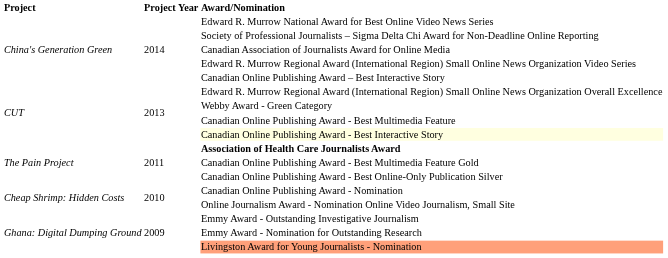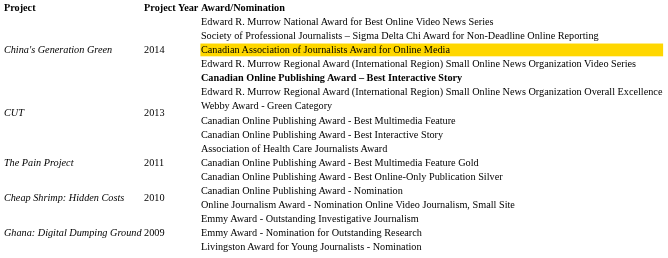 <table>
 <tr>
 <td><strong>Project</strong></td>
 <td><strong>Project Year</strong></td>
 <td><strong>Award/Nomination</strong></td>
 </tr>
 <tr>
 <td rowspan="5"><em>China's Generation Green</em></td>
 <td rowspan="5">2014</td>
 <td>Edward R. Murrow National Award for Best Online Video News Series</td>
 </tr>
 <tr>
 <td>Society of Professional Journalists – Sigma Delta Chi Award for Non-Deadline Online Reporting</td>
 </tr>
 <tr>
-<td>Canadian Association of Journalists Award for Online Media</td>
+<td style="background: gold;">Canadian Association of Journalists Award for Online Media</td>
 </tr>
 <tr>
 <td>Edward R. Murrow Regional Award (International Region) Small Online News Organization Video Series</td>
 </tr>
 <tr>
-<td>Canadian Online Publishing Award – Best Interactive Story</td>
+<td><strong>Canadian Online Publishing Award – Best Interactive Story</strong></td>
 </tr>
 <tr>
 <td rowspan="4"><em>CUT</em></td>
 <td rowspan="4">2013</td>
 <td>Edward R. Murrow Regional Award (International Region) Small Online News Organization Overall Excellence</td>
 </tr>
 <tr>
 <td>Webby Award - Green Category</td>
 </tr>
 <tr>
 <td>Canadian Online Publishing Award - Best Multimedia Feature</td>
 </tr>
 <tr>
-<td style="background: lightyellow;">Canadian Online Publishing Award - Best Interactive Story</td>
+<td>Canadian Online Publishing Award - Best Interactive Story</td>
 </tr>
 <tr>
 <td rowspan="3"><em>The Pain Project</em></td>
 <td rowspan="3">2011</td>
-<td><strong>Association of Health Care Journalists Award</strong></td>
+<td>Association of Health Care Journalists Award</td>
 </tr>
 <tr>
 <td>Canadian Online Publishing Award - Best Multimedia Feature Gold</td>
 </tr>
 <tr>
 <td>Canadian Online Publishing Award - Best Online-Only Publication Silver</td>
 </tr>
 <tr>
 <td rowspan="2"><em>Cheap Shrimp: Hidden Costs</em></td>
 <td rowspan="2">2010</td>
 <td>Canadian Online Publishing Award - Nomination</td>
 </tr>
 <tr>
 <td>Online Journalism Award - Nomination Online Video Journalism, Small Site</td>
 </tr>
 <tr>
 <td rowspan="3"><em>Ghana: Digital Dumping Ground</em></td>
 <td rowspan="3">2009</td>
 <td>Emmy Award - Outstanding Investigative Journalism</td>
 </tr>
 <tr>
 <td>Emmy Award - Nomination for Outstanding Research</td>
 </tr>
 <tr>
-<td style="background: lightsalmon;">Livingston Award for Young Journalists - Nomination</td>
+<td>Livingston Award for Young Journalists - Nomination</td>
 </tr>
 </table>
